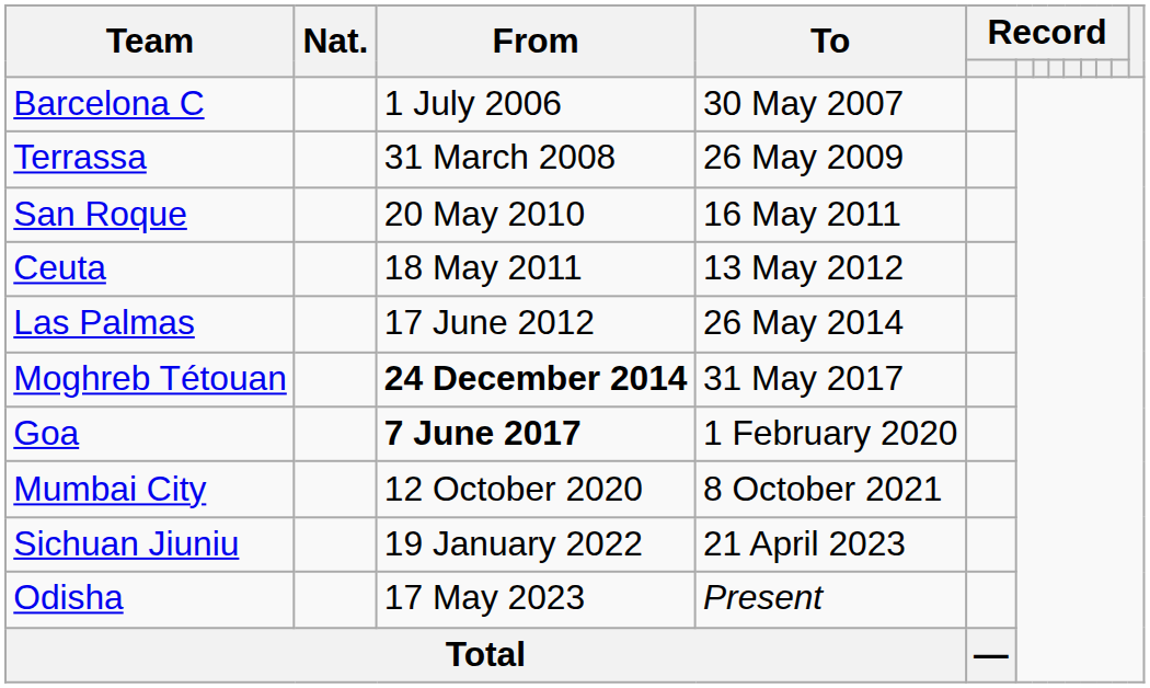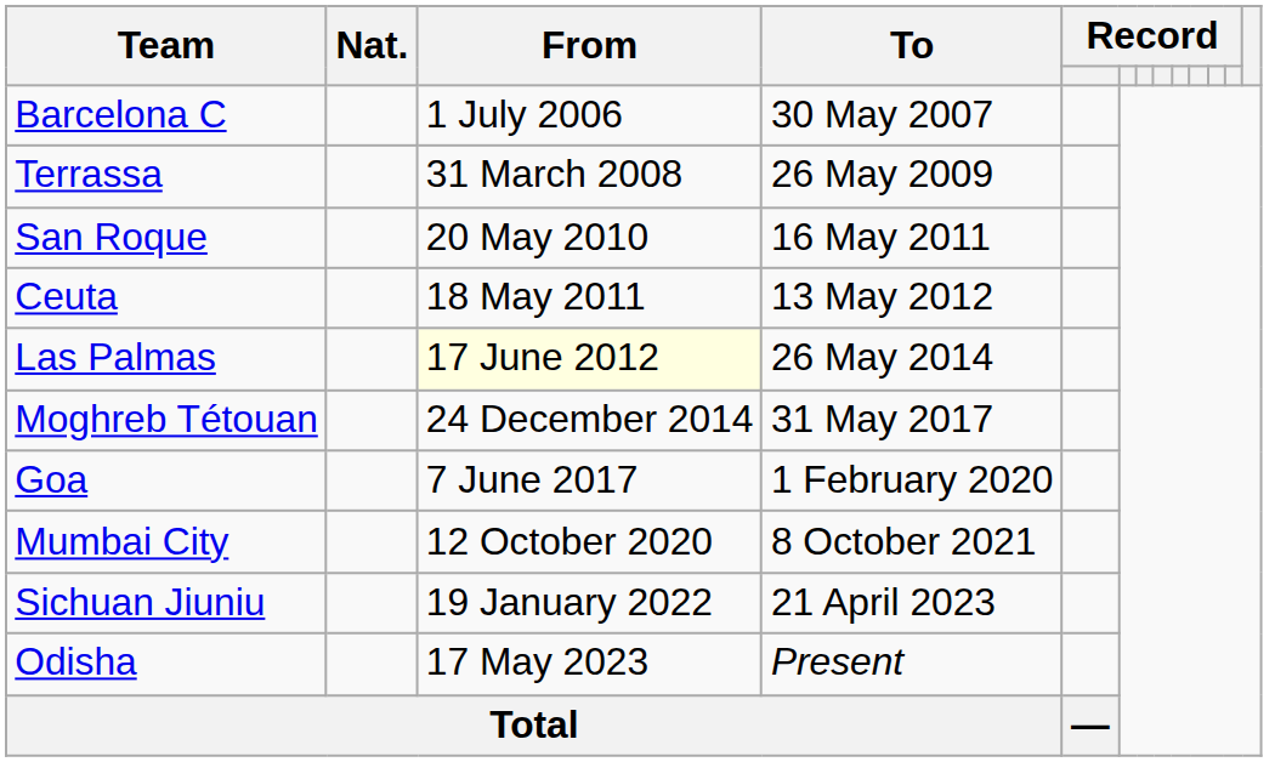 <table class="wikitable" style="text-align: center">
 <tr>
 <th rowspan="2">Team</th>
 <th rowspan="2">Nat.</th>
 <th rowspan="2">From</th>
 <th rowspan="2">To</th>
 <th colspan="8">Record</th>
 <th rowspan="2"></th>
 </tr>
 <tr>
 <th></th>
 <th></th>
 <th></th>
 <th></th>
 <th></th>
 <th></th>
 <th></th>
 <th></th>
 </tr>
 <tr>
 <td align=left><a href='#'>Barcelona C</a></td>
 <td></td>
 <td align="left">1 July 2006</td>
 <td align=left>30 May 2007<br></td>
 <td></td>
 </tr>
 <tr>
 <td align=left><a href='#'>Terrassa</a></td>
 <td></td>
 <td align="left">31 March 2008</td>
 <td align=left>26 May 2009<br></td>
 <td></td>
 </tr>
 <tr>
 <td align=left><a href='#'>San Roque</a></td>
 <td></td>
 <td align="left">20 May 2010</td>
 <td align=left>16 May 2011<br></td>
 <td></td>
 </tr>
 <tr>
 <td align=left><a href='#'>Ceuta</a></td>
 <td></td>
 <td align="left">18 May 2011</td>
 <td align=left>13 May 2012<br></td>
 <td></td>
 </tr>
 <tr>
 <td align=left><a href='#'>Las Palmas</a></td>
 <td></td>
-<td align="left">17 June 2012</td>
+<td align="left" style="background: lightyellow;">17 June 2012</td>
 <td align=left>26 May 2014<br></td>
 <td></td>
 </tr>
 <tr>
 <td align=left><a href='#'>Moghreb Tétouan</a></td>
 <td></td>
-<td align="left"><strong>24 December 2014</strong></td>
+<td align="left">24 December 2014</td>
 <td align=left>31 May 2017<br></td>
 <td></td>
 </tr>
 <tr>
 <td align=left><a href='#'>Goa</a></td>
 <td></td>
-<td align="left"><strong>7 June 2017</strong></td>
+<td align="left">7 June 2017</td>
 <td align=left>1 February 2020<br></td>
 <td></td>
 </tr>
 <tr>
 <td align=left><a href='#'>Mumbai City</a></td>
 <td></td>
 <td align="left">12 October 2020</td>
 <td align=left>8 October 2021<br></td>
 <td></td>
 </tr>
 <tr>
 <td align=left><a href='#'>Sichuan Jiuniu</a></td>
 <td></td>
 <td align="left">19 January 2022</td>
 <td align=left>21 April 2023<br></td>
 <td></td>
 </tr>
 <tr>
 <td align=left><a href='#'>Odisha</a></td>
 <td></td>
 <td align="left">17 May 2023</td>
 <td align=left><em>Present</em><br></td>
 <td></td>
 </tr>
 <tr>
 <th colspan="4">Total<br></th>
 <th>—</th>
 </tr>
 </table>
